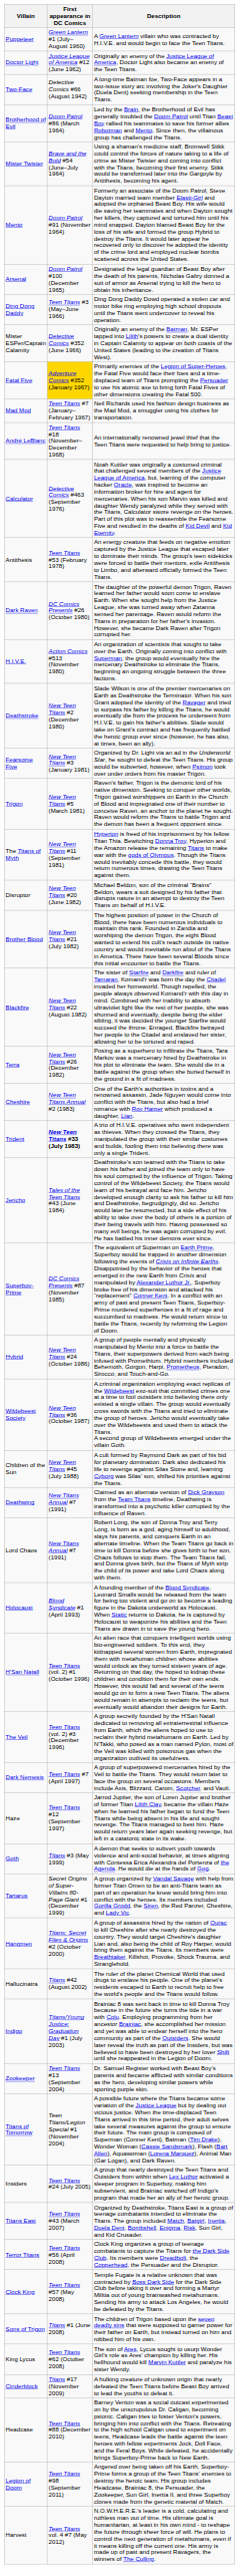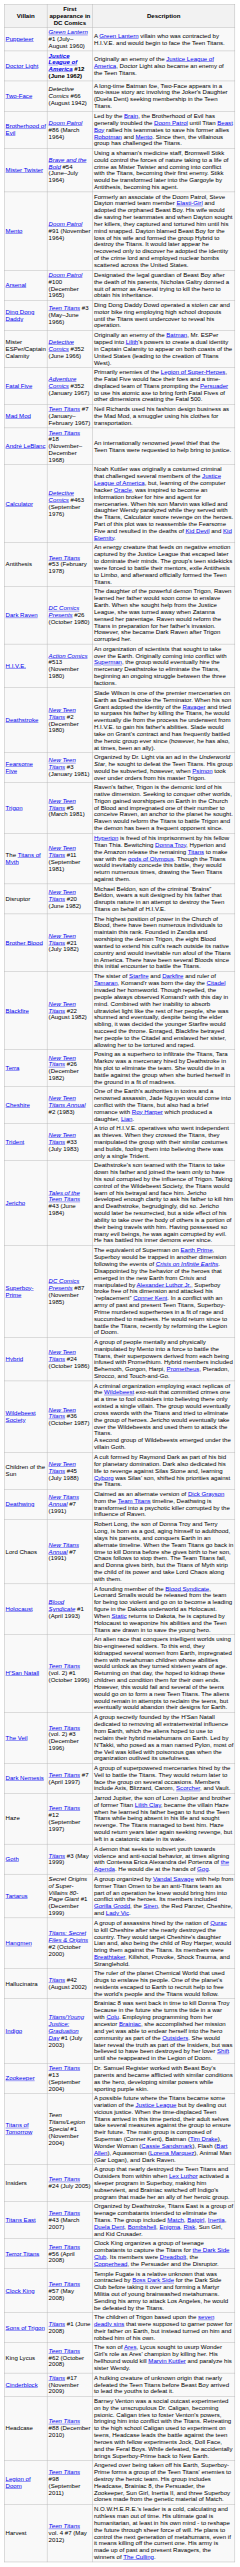 <table class="wikitable">
 <tr>
 <th width="13%">Villain</th>
 <th width="20%">First appearance in DC Comics</th>
 <th width="67%">Description</th>
 </tr>
 <tr>
 <td><a href='#'>Puppeteer</a></td>
 <td><em><a href='#'>Green Lantern</a></em> #1 (July–August 1960)</td>
 <td>A <a href='#'>Green Lantern</a> villain who was contracted by H.I.V.E. and would begin to face the Teen Titans.</td>
 </tr>
 <tr>
 <td><a href='#'>Doctor Light</a></td>
-<td><em><a href='#'>Justice League of America</a></em> #12 (June 1962)</td>
+<td><strong><em><a href='#'>Justice League of America</a></em> #12 (June 1962)</strong></td>
 <td>Originally an enemy of the <a href='#'>Justice League of America</a>, Doctor Light also became an enemy of the Teen Titans.</td>
 </tr>
 <tr>
 <td><a href='#'>Two-Face</a></td>
 <td><em>Detective Comics</em> #66 (August 1942)</td>
 <td>A long-time Batman foe, Two-Face appears in a two-issue story arc involving the Joker's Daughter (Duela Dent) seeking membership in the Teen Titans.</td>
 </tr>
 <tr>
 <td><a href='#'>Brotherhood of Evil</a></td>
 <td><em><a href='#'>Doom Patrol</a></em> #86 (March 1964)</td>
 <td>Led by the <a href='#'>Brain</a>, the Brotherhood of Evil has generally troubled the <a href='#'>Doom Patrol</a> until Titan <a href='#'>Beast Boy</a> rallied his teammates to save his former allies <a href='#'>Robotman</a> and <a href='#'>Mento</a>. Since then, the villainous group has challenged the Titans.</td>
 </tr>
 <tr>
 <td><a href='#'>Mister Twister</a></td>
 <td><em><a href='#'>Brave and the Bold</a></em> #54 (June–July 1964)</td>
 <td>Using a shaman's medicine staff, Bromwell Stikk could control the forces of nature taking to a life of crime as Mister Twister and coming into conflict with the Titans, becoming their first enemy. Stikk would be transformed later into the Gargoyle by Antithesis, becoming his agent.</td>
 </tr>
 <tr>
 <td><a href='#'>Mento</a></td>
 <td><em><a href='#'>Doom Patrol</a></em> #91 (November 1964)</td>
 <td>Formerly an associate of the Doom Patrol, Steve Dayton married team member <a href='#'>Elasti-Girl</a> and adopted the orphaned Beast Boy. His wife would die saving her teammates and when Dayton sought her killers, they captured and tortured him until his mind snapped. Dayton blamed Beast Boy for the loss of his wife and formed the group Hybrid to destroy the Titans. It would later appear he recovered only to discover he adopted the identity of the crime lord and employed nuclear bombs scattered across the United States.</td>
 </tr>
 <tr>
 <td><a href='#'>Arsenal</a></td>
 <td><em><a href='#'>Doom Patrol</a></em> #100 (December 1965)</td>
 <td>Designated the legal guardian of Beast Boy after the death of his parents, Nicholas Galtry donned a suit of armor as Arsenal trying to kill the hero to obtain his inheritance.</td>
 </tr>
 <tr>
 <td><a href='#'>Ding Dong Daddy</a></td>
 <td><em><a href='#'>Teen Titans</a></em> #3 (May–June 1966)</td>
 <td>Ding Dong Daddy Dowd operated a stolen car and motor bike ring employing high school dropouts until the Titans went undercover to reveal his operation.</td>
 </tr>
 <tr>
 <td>Mister ESPer/Captain Calamity</td>
 <td><em><a href='#'>Detective Comics</a></em> #352 (June 1966)</td>
 <td>Originally an enemy of the <a href='#'>Batman</a>, Mr. ESPer tapped into <a href='#'>Lilith</a>'s powers to create a dual identity in Captain Calamity to appear on both coasts of the United States (leading to the creation of Titans West).</td>
 </tr>
 <tr>
 <td><a href='#'>Fatal Five</a></td>
-<td style="background: gold;"><em><a href='#'>Adventure Comics</a></em> #352 (January 1967)</td>
+<td><em><a href='#'>Adventure Comics</a></em> #352 (January 1967)</td>
 <td>Primarily enemies of the <a href='#'>Legion of Super-Heroes</a>, the Fatal Five would face their foes and a time-displaced team of Titans prompting the <a href='#'>Persuader</a> to use his atomic axe to bring forth Fatal Fives of other dimensions creating the Fatal 500.</td>
 </tr>
 <tr>
 <td><a href='#'>Mad Mod</a></td>
 <td><em><a href='#'>Teen Titans</a></em> #7 (January–February 1967)</td>
 <td>Neil Richards used his fashion design business as the Mad Mod, a smuggler using his clothes for transportation.</td>
 </tr>
 <tr>
 <td><a href='#'>André LeBlanc</a></td>
 <td><em><a href='#'>Teen Titans</a></em> #18 (November–December 1968)</td>
 <td>An internationally renowned jewel thief that the Teen Titans were requested to help bring to justice.</td>
 </tr>
 <tr>
 <td><a href='#'>Calculator</a></td>
 <td><em><a href='#'>Detective Comics</a></em> #463 (September 1976)</td>
 <td>Noah Kuttler was originally a costumed criminal that challenged several members of the <a href='#'>Justice League of America</a>, but, learning of the computer hacker <a href='#'>Oracle</a>, was inspired to become an information broker for hire and agent for mercenaries. When his son Marvin was killed and daughter Wendy paralyzed while they served with the Titans, Calculator swore revenge on the heroes. Part of this plot was to reassemble the Fearsome Five and resulted in the deaths of <a href='#'>Kid Devil</a> and <a href='#'>Kid Eternity</a>.</td>
 </tr>
 <tr>
 <td>Antithesis</td>
 <td><em><a href='#'>Teen Titans</a></em> #53 (February 1978)</td>
 <td>An energy creature that feeds on negative emotion captured by the Justice League that escaped later to dominate their minds. The group's teen sidekicks were forced to battle their mentors, exile Antithesis to Limbo, and afterward officially formed the Teen Titans.</td>
 </tr>
 <tr>
 <td><a href='#'>Dark Raven</a></td>
 <td><em><a href='#'>DC Comics Presents</a></em> #26 (October 1980)</td>
 <td>The daughter of the powerful demon Trigon, Raven learned her father would soon come to enslave Earth. When she sought help from the Justice League, she was turned away when Zatanna sensed her parentage. Raven would reform the Titans in preparation for her father's invasion. However, she became Dark Raven after Trigon corrupted her.</td>
 </tr>
 <tr>
 <td><a href='#'>H.I.V.E.</a></td>
 <td><em><a href='#'>Action Comics</a></em> #513 (November 1980)</td>
 <td>An organization of scientists that sought to take over the Earth. Originally coming into conflict with <a href='#'>Superman</a>, the group would eventually hire the mercenary Deathstroke to eliminate the Titans, beginning an ongoing struggle between the three factions.</td>
 </tr>
 <tr>
 <td><a href='#'>Deathstroke</a></td>
 <td><em><a href='#'>New Teen Titans</a></em> #2 (December 1980)</td>
 <td>Slade Wilson is one of the premier mercenaries on Earth as Deathstroke the Terminator. When his son Grant adopted the identity of the <a href='#'>Ravager</a> and tried to surpass his father by killing the Titans, he would eventually die from the process he underwent from H.I.V.E. to gain his father's abilities. Slade would take on Grant's contract and has frequently battled the heroic group ever since (however, he has also, at times, been an ally).</td>
 </tr>
 <tr>
 <td><a href='#'>Fearsome Five</a></td>
 <td><em><a href='#'>New Teen Titans</a></em> #3 (January 1981)</td>
 <td>Organized by Dr. Light via an ad in the <em>Underworld Star</em>, he sought to defeat the Teen Titans. His group would be subverted, however, when <a href='#'>Psimon</a> took over under orders from his master Trigon.</td>
 </tr>
 <tr>
 <td><a href='#'>Trigon</a></td>
 <td><em><a href='#'>New Teen Titans</a></em> #5 (March 1981)</td>
 <td>Raven's father, Trigon is the demonic lord of his native dimension. Seeking to conquer other worlds, Trigon gained worshippers on Earth in the Church of Blood and impregnated one of their number to conceive Raven, an anchor to the planet he sought. Raven would reform the Titans to battle Trigon and the demon has been a frequent opponent since.</td>
 </tr>
 <tr>
 <td>The <a href='#'>Titans of Myth</a></td>
 <td><em><a href='#'>New Teen Titans</a></em> #11 (September 1981)</td>
 <td><a href='#'>Hyperion</a> is freed of his imprisonment by his fellow Titan Thia. Bewitching <a href='#'>Donna Troy</a>, Hyperion and the Amazon release the remaining <a href='#'>Titans</a> to make war with the <a href='#'>gods of Olympus</a>. Though the Titans would inevitably concede this battle, they would return numerous times, drawing the Teen Titans against them.</td>
 </tr>
 <tr>
 <td>Disruptor</td>
 <td><em><a href='#'>New Teen Titans</a></em> #20 (June 1982)</td>
 <td>Michael Beldon, son of the criminal “Brains” Beldon, wears a suit designed by his father that disrupts nature in an attempt to destroy the Teen Titans on behalf of H.I.V.E.</td>
 </tr>
 <tr>
 <td><a href='#'>Brother Blood</a></td>
 <td><em><a href='#'>New Teen Titans</a></em> #21 (July 1982)</td>
 <td>The highest position of power in the Church of Blood, there have been numerous individuals to maintain this rank. Founded in Zandia and worshiping the demon Trigon, the eight Blood wanted to extend his cult's reach outside its native country and would inevitable run afoul of the Titans in America. There have been several Bloods since this initial encounter to battle the Titans.</td>
 </tr>
 <tr>
 <td><a href='#'>Blackfire</a></td>
 <td><em><a href='#'>New Teen Titans</a></em> #22 (August 1982)</td>
 <td>The sister of <a href='#'>Starfire</a> and <a href='#'>Darkfire</a> and ruler of <a href='#'>Tamaran</a>, Komand'r was born the day the <a href='#'>Citadel</a> invaded her homeworld. Though repelled, the people always observed Komand'r with this day in mind. Combined with her inability to absorb ultraviolet light like the rest of her people, she was shunned and eventually, despite being the elder sibling, it was decided the younger Starfire would succeed the throne. Enraged, Blackfire betrayed her people to the Citadel and enslaved her sister, allowing her to be tortured and raped.</td>
 </tr>
 <tr>
 <td><a href='#'>Terra</a></td>
 <td><em><a href='#'>New Teen Titans</a></em> #26 (December 1982)</td>
 <td>Posing as a superhero to infiltrate the Titans, Tara Markov was a mercenary hired by Deathstroke in his plot to eliminate the team. She would die in a battle against the group when she buried herself in the ground in a fit of madness.</td>
 </tr>
 <tr>
 <td><a href='#'>Cheshire</a></td>
 <td><em><a href='#'>New Teen Titans Annual</a></em> #2 (1983)</td>
 <td>One of the Earth's authorities in toxins and a renowned assassin, Jade Nguyen would come into conflict with the Titans, but also had a brief romance with <a href='#'>Roy Harper</a> which produced a daughter, <a href='#'>Lian</a>.</td>
 </tr>
 <tr>
 <td><a href='#'>Trident</a></td>
-<td><strong><em><a href='#'>New Teen Titans</a></em> #33 (July 1983)</strong></td>
+<td><em><a href='#'>New Teen Titans</a></em> #33 (July 1983)</td>
 <td>A trio of H.I.V.E. operatives who went independent as thieves. When they crossed the Titans, they manipulated the group with their similar costumes and builds, fooling them into believing there was only a single Trident.</td>
 </tr>
 <tr>
 <td><a href='#'>Jericho</a></td>
 <td><em><a href='#'>Tales of the Teen Titans</a></em> #43 (June 1984)</td>
 <td>Deathstroke's son teamed with the Titans to take down his father and joined the team only to have his soul corrupted by the influence of Trigon. Taking control of the Wildebeest Society, the Titans would learn of his betrayal and face him. Jericho developed enough clarity to ask his father to kill him and Deathstroke, begrudgingly, did so. Jericho would later be resurrected, but a side effect of his ability to take over the body of others is a portion of their being travels with him. Having possessed so many evil beings, he was again corrupted by evil. He has battled his inner demons ever since.</td>
 </tr>
 <tr>
 <td><a href='#'>Superboy-Prime</a></td>
 <td><em><a href='#'>DC Comics Presents</a></em> #87 (November 1985)</td>
 <td>The equivalent of Superman on <a href='#'>Earth Prime</a>, Superboy would be trapped in another dimension following the events of <em><a href='#'>Crisis on Infinite Earths</a></em>. Disappointed by the behavior of the heroes that emerged in the new Earth from <em>Crisis</em> and manipulated by <a href='#'>Alexander Luthor Jr.</a>, Superboy broke free of his dimension and attacked his “replacement” <a href='#'>Conner Kent</a>. In a conflict with an army of past and present Teen Titans, Superboy-Prime murdered superheroes in a fit of rage and succumbed to madness. He would return since to battle the Titans, recently by reforming the Legion of Doom.</td>
 </tr>
 <tr>
 <td><a href='#'>Hybrid</a></td>
 <td><em><a href='#'>New Teen Titans</a></em> #24 (October 1986)</td>
 <td>A group of people mentally and physically manipulated by Mento into a force to battle the Titans, their superpowers derived from each being infused with Promethium. Hybrid members included Behemoth, Gorgon, Harpi, <a href='#'>Prometheus</a>, Pteradon, Sirocco, and Touch-and-Go.</td>
 </tr>
 <tr>
 <td><a href='#'>Wildebeest Society</a></td>
 <td><em><a href='#'>New Teen Titans</a></em> #36 (October 1987)</td>
 <td>A criminal organization employing exact replicas of the <a href='#'>Wildebeest</a> exo-suit that committed crimes one at a time to fool outsiders into believing there only existed a single villain. The group would eventually cross swords with the Titans and tried to eliminate the group of heroes. Jericho would eventually take over the Wildebeests and used them to attack the Titans.<br>A second group of Wildebeests emerged under the villain Goth.</td>
 </tr>
 <tr>
 <td>Children of the Sun</td>
 <td><em><a href='#'>New Teen Titans</a></em> #45 (July 1988)</td>
 <td>A cult formed by Raymond Dark as part of his bid for planetary domination. Dark also dedicated his life to revenge against Silas Stone and, learning <a href='#'>Cyborg</a> was Silas' son, shifted his priorities against the Titans.</td>
 </tr>
 <tr>
 <td><a href='#'>Deathwing</a></td>
 <td><em><a href='#'>New Titans Annual</a></em> #7 (1991)</td>
 <td>Claimed as an alternate version of <a href='#'>Dick Grayson</a> from the <a href='#'>Team Titans</a> timeline, Deathwing is transformed into a psychotic killer corrupted by the influence of Raven.</td>
 </tr>
 <tr>
 <td>Lord Chaos</td>
 <td><em><a href='#'>New Titans Annual</a></em> #7 (1991)</td>
 <td>Robert Long, the son of Donna Troy and Terry Long, is born as a god, aging himself to adulthood, slays his parents, and conquers Earth in an alternate timeline. When the Team Titans go back in time to kill Donna before she gives birth to her son, Chaos follows to stop them. The Team Titans fail, and Donna gives birth, but the Titans of Myth strip the child of its power and take Lord Chaos along with them.</td>
 </tr>
 <tr>
 <td><a href='#'>Holocaust</a></td>
 <td><em><a href='#'>Blood Syndicate</a></em> #1 (April 1993)</td>
 <td>A founding member of the <a href='#'>Blood Syndicate</a>, Leonard Smalls would be released from the team for being too violent and go on to become a leading figure in the Dakota underworld as Holocaust. When <a href='#'>Static</a> returns to Dakota, he is captured by Holocaust to weaponize his abilities and the Teen Titans are drawn in to save the young hero.</td>
 </tr>
 <tr>
 <td><a href='#'>H'San Natall</a></td>
 <td><em><a href='#'>Teen Titans</a></em> (vol. 2) #1 (October 1996)</td>
 <td>An alien race that conquers intelligent worlds using bio-engineered soldiers. To this end, they kidnapped several women from Earth, impregnated them with metahuman children whose abilities would unlock as they turned sixteen years of age. Returning on that day, the hoped to kidnap these children and condition them for their own ends. However, this would fail and several of the teens would go on to form a new Teen Titans. The aliens would remain in attempts to reclaim the teens, but eventually would abandon their designs for Earth.</td>
 </tr>
 <tr>
 <td><a href='#'>The Veil</a></td>
 <td><em><a href='#'>Teen Titans</a></em> (vol. 2) #3 (December 1996)</td>
 <td>A group secretly founded by the H'San Natall dedicated to removing all extraterrestrial influence from Earth, which the aliens hoped to use to reclaim their hybrid metahumans on Earth. Led by N'Takki, who posed as a man named Pylon, most of the Veil was killed with poisonous gas when the organization outlived its usefulness.</td>
 </tr>
 <tr>
 <td><a href='#'>Dark Nemesis</a></td>
 <td><em><a href='#'>Teen Titans</a></em> #7 (April 1997)</td>
 <td>A group of superpowered mercenaries hired by the Veil to battle the Titans. They would return later to face the group on several occasions. Members include Axis, Blizzard, Carom, <a href='#'>Scorcher</a>, and Vault.</td>
 </tr>
 <tr>
 <td>Haze</td>
 <td><em><a href='#'>Teen Titans</a></em> #12 (September 1997)</td>
 <td>Jarrod Jupiter, the son of Loren Jupiter and brother of former Titan <a href='#'>Lilith Clay</a>, became the villain Haze when he learned his father began to fund the Teen Titans while being absent in his life and sought revenge. The Titans managed to best him. Haze would return years later again seeking revenge, but left in a catatonic state in its wake.</td>
 </tr>
 <tr>
 <td><a href='#'>Goth</a></td>
 <td><em><a href='#'>Titans</a></em> #3 (May 1999)</td>
 <td>A demon that seeks to subvert youth towards violence and anti-social behavior, at times aligning with Contessa Erica Alexandra del Portenza of <a href='#'>the Agenda</a>. He would die at the hands of <a href='#'>Gog</a>.</td>
 </tr>
 <tr>
 <td><a href='#'>Tartarus</a></td>
 <td><em>Secret Origins of Super-Villains 80-Page Giant</em> #1 (December 1999)</td>
 <td>A group organized by <a href='#'>Vandal Savage</a> with help from former Titan Omen to be an anti-Titans team as part of an operation he knew would bring him into conflict with the heroes. Its members included <a href='#'>Gorilla Grodd</a>, the <a href='#'>Siren</a>, the Red Panzer, Cheshire, and <a href='#'>Lady Vic</a>.</td>
 </tr>
 <tr>
 <td><a href='#'>Hangmen</a></td>
 <td><em><a href='#'>Titans: Secret Files & Origins</a></em> #2 (October 2000)</td>
 <td>A group of assassins hired by the nation of <a href='#'>Qurac</a> to kill Cheshire after she nearly destroyed the country. They would target Cheshire's daughter Lian and, also being the child of Roy Harper, would bring them against the Titans. Its members were <a href='#'>Breathtaker</a>, Killshot, Provoke, Shock Trauma, and Stranglehold.</td>
 </tr>
 <tr>
 <td>Hallucinatra</td>
 <td><em><a href='#'>Titans</a></em> #42 (August 2002)</td>
 <td>The ruler of the planet Chemical World that used drugs to enslave his people. One of the planet's residents escaped to Earth to recruit help to free the world's people and the Titans would follow.</td>
 </tr>
 <tr>
 <td><a href='#'>Indigo</a></td>
 <td><em><a href='#'>Titans/Young Justice: Graduation Day</a></em> #1 (July 2003)</td>
 <td>Brainiac 8 was sent back in time to kill Donna Troy because in the future she turns the tide in a war with <a href='#'>Colu</a>. Employing programming from her ancestor <a href='#'>Brainiac</a>, she accomplished her mission and yet was able to endear herself into the hero community as part of the <a href='#'>Outsiders</a>. She would later reveal the truth as part of the Insiders, but was believed to have been destroyed by her lover <a href='#'>Shift</a> until she reappeared in the Legion of Doom.</td>
 </tr>
 <tr>
 <td><a href='#'>Zookeeper</a></td>
 <td><em><a href='#'>Teen Titans</a></em> #13 (September 2004)</td>
 <td>Dr. Samuel Register worked with Beast Boy's parents and became afflicted with similar conditions as the hero, developing similar powers while sporting purple skin.</td>
 </tr>
 <tr>
 <td><a href='#'>Titans of Tomorrow</a></td>
 <td><em>Teen Titans/Legion Special</em> #1 (November 2004)</td>
 <td>A possible future where the Titans became some variation of the <a href='#'>Justice League</a> but by dealing out vicious justice. When the time-displaced Teen Titans arrived in this time period, their adult selves take several measures against the group to ensure their future. The main group is composed of Superman (Conner Kent), Batman (<a href='#'>Tim Drake</a>), Wonder Woman (<a href='#'>Cassie Sandsmark</a>), Flash (<a href='#'>Bart Allen</a>), Aquawoman (<a href='#'>Lorena Marquez</a>), Animal Man (Gar Logan), and Dark Raven.</td>
 </tr>
 <tr>
 <td>Insiders</td>
 <td><em><a href='#'>Teen Titans</a></em> #24 (July 2005)</td>
 <td>A group that nearly destroyed the Teen Titans and Outsiders from within when <a href='#'>Lex Luthor</a> activated a sleeper program in Superboy, making him subservient, and Brainiac switched off Indigo's program that made her an ally of her heroic group.</td>
 </tr>
 <tr>
 <td><a href='#'>Titans East</a></td>
 <td><em><a href='#'>Teen Titans</a></em> #43 (March 2007)</td>
 <td>Organized by Deathstroke, Titans East is a group of teenage combatants intended to eliminate the Titans. The group included <a href='#'>Match</a>, <a href='#'>Batgirl</a>, <a href='#'>Inertia</a>, <a href='#'>Duela Dent</a>, <a href='#'>Bombshell</a>, <a href='#'>Enigma</a>, <a href='#'>Risk</a>, Sun Girl, and Kid Crusader.</td>
 </tr>
 <tr>
 <td><a href='#'>Terror Titans</a></td>
 <td><em><a href='#'>Teen Titans</a></em> #56 (April 2008)</td>
 <td>Clock King organizes a group of teenage combatants to capture the Titans for <a href='#'>the Dark Side Club</a>. Its members were <a href='#'>Dreadbolt</a>, the <a href='#'>Copperhead</a>, the Persuader and the Disruptor.</td>
 </tr>
 <tr>
 <td><a href='#'>Clock King</a></td>
 <td><em><a href='#'>Teen Titans</a></em> #57 (May 2008)</td>
 <td>Temple Fugate is a relative unknown that was contracted by <a href='#'>Boss Dark Side</a> for the Dark Side Club before taking it over and forming a Martyr Militia out of young brainwashed metahumans. Sending his army to attack Los Angeles, he would be defeated by the Titans.</td>
 </tr>
 <tr>
 <td><a href='#'>Sons of Trigon</a></td>
 <td><em><a href='#'>Titans</a></em> #1 (June 2008)</td>
 <td>The children of Trigon based upon the <a href='#'>seven deadly sins</a> that were supposed to garner power for their father on Earth, but instead turned on him and robbed him of his own.</td>
 </tr>
 <tr>
 <td>King Lycus</td>
 <td><em><a href='#'>Teen Titans</a></em> #62 (October 2008)</td>
 <td>The son of <a href='#'>Ares</a>, Lycus sought to usurp Wonder Girl's role as Ares' champion by killing her. His hellhound would kill <a href='#'>Marvin Kuttler</a> and paralyze his sister Wendy.</td>
 </tr>
 <tr>
 <td><a href='#'>Cinderblock</a></td>
 <td><em><a href='#'>Titans</a></em> #17 (November 2009)</td>
 <td>A hulking creature of unknown origin that nearly defeated the Teen Titans before Beast Boy arrived to lead the youths to defeat it.</td>
 </tr>
 <tr>
 <td>Headcase</td>
 <td><em><a href='#'>Teen Titans</a></em> #88 (December 2010)</td>
 <td>Barney Venton was a social outcast experimented on by the unscrupulous Dr. Caligan, becoming psionic. Caligan tries to foster Venton's powers, bringing him into conflict with the Titans. Retreating to the high school Caligan used to experiment on teens, Headcase leads the battle against the teen heroes with fellow experiments Jock, Doll Face, and the Feral Boys. While defeated, he accidentally brings Superboy-Prime back to New Earth.</td>
 </tr>
 <tr>
 <td><a href='#'>Legion of Doom</a></td>
 <td><em><a href='#'>Teen Titans</a></em> #98 (September 2011)</td>
 <td>Angered over being taken off his Earth, Superboy-Prime forms a group of the Teen Titans' enemies to destroy the heroic team. His group includes Headcase, Brainiac 8, the Persuader, the Zookeeper, Sun Girl, Inertia II, and three Superboy clones made from the genetic material of Match.</td>
 </tr>
 <tr>
 <td>Harvest</td>
 <td><em><a href='#'>Teen Titans</a></em> vol. 4 #7 (May 2012)</td>
 <td>N.O.W.H.E.R.E.'s leader is a cold, calculating and ruthless man out of time. His ultimate goal is humanitarian, at least in his own mind - to reshape the future through sheer force of will. He plans to control the next generation of metahumans, even if it means killing off the current one. His army is made up of past and present Ravagers, the winners of <a href='#'>The Culling</a>.</td>
 </tr>
 </table>
